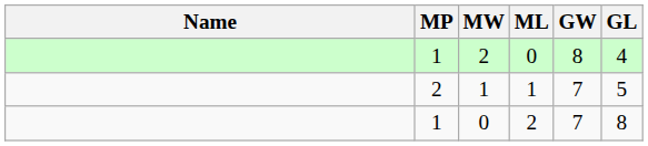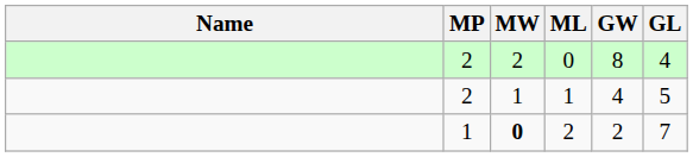 <table class=wikitable style="text-align:center">
 <tr>
 <th width=300>Name</th>
 <th width=20>MP</th>
 <th width=20>MW</th>
 <th width=20>ML</th>
 <th width=20>GW</th>
 <th width=20>GL</th>
 </tr>
 <tr style="background-color:#ccffcc;">
 <td style="text-align:left;"><strong></strong></td>
-<td>1</td>
+<td>2</td>
 <td>2</td>
 <td>0</td>
 <td>8</td>
 <td>4</td>
 </tr>
 <tr>
 <td style="text-align:left;"></td>
 <td>2</td>
 <td>1</td>
 <td>1</td>
-<td>7</td>
+<td>4</td>
 <td>5</td>
 </tr>
 <tr>
 <td style="text-align:left;"></td>
 <td>1</td>
-<td>0</td>
+<td><strong>0</strong></td>
+<td>2</td>
 <td>2</td>
 <td>7</td>
-<td>8</td>
 </tr>
 </table>
